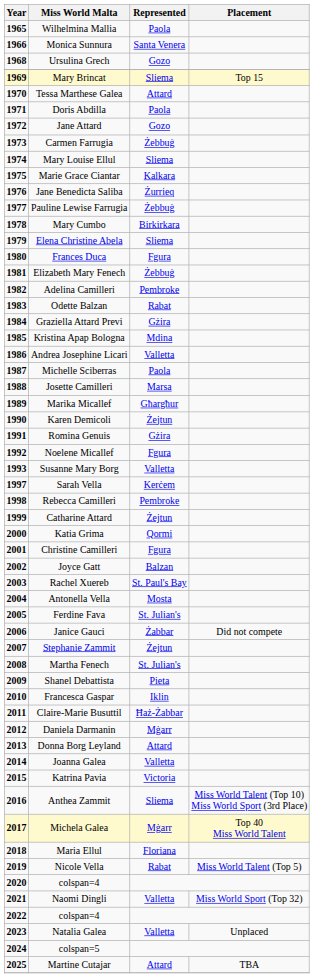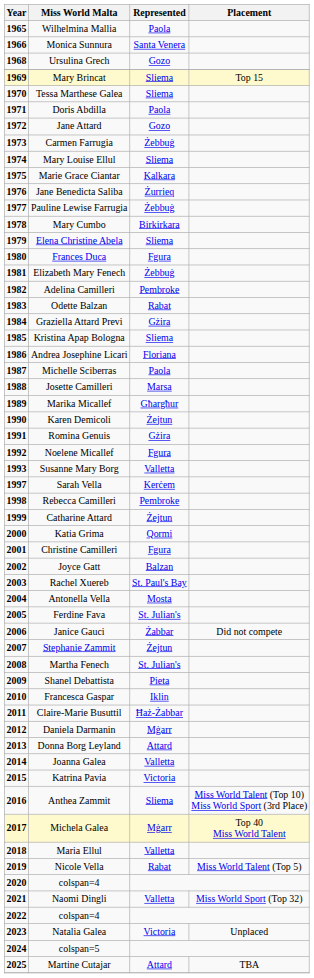 <table class="wikitable sortable" style="font-size: 95%; text-align:center">
 <tr>
 <th>Year</th>
 <th>Miss World Malta</th>
 <th>Represented</th>
 <th>Placement</th>
 </tr>
 <tr>
 <td><strong>1965</strong></td>
 <td>Wilhelmina Mallia</td>
 <td><a href='#'>Paola</a></td>
 <td></td>
 </tr>
 <tr>
 <td><strong>1966</strong></td>
 <td>Monica Sunnura</td>
 <td><a href='#'>Santa Venera</a></td>
 <td></td>
 </tr>
 <tr>
 <td><strong>1968</strong></td>
 <td>Ursulina Grech</td>
 <td><a href='#'>Gozo</a></td>
 <td></td>
 </tr>
 <tr>
 </tr>
 <tr style="background-color:#FFFACD;">
 <td><strong>1969</strong></td>
 <td>Mary Brincat</td>
 <td><a href='#'>Sliema</a></td>
 <td>Top 15</td>
 </tr>
 <tr>
 <td><strong>1970</strong></td>
 <td>Tessa Marthese Galea</td>
-<td><a href='#'>Attard</a></td>
+<td><a href='#'>Sliema</a></td>
 <td></td>
 </tr>
 <tr>
 <td><strong>1971</strong></td>
 <td>Doris Abdilla</td>
 <td><a href='#'>Paola</a></td>
 <td></td>
 </tr>
 <tr>
 <td><strong>1972</strong></td>
 <td>Jane Attard</td>
 <td><a href='#'>Gozo</a></td>
 <td></td>
 </tr>
 <tr>
 <td><strong>1973</strong></td>
 <td>Carmen Farrugia</td>
 <td><a href='#'>Żebbuġ</a></td>
 <td></td>
 </tr>
 <tr>
 <td><strong>1974</strong></td>
 <td>Mary Louise Ellul</td>
 <td><a href='#'>Sliema</a></td>
 <td></td>
 </tr>
 <tr>
 <td><strong>1975</strong></td>
 <td>Marie Grace Ciantar</td>
 <td><a href='#'>Kalkara</a></td>
 <td></td>
 </tr>
 <tr>
 <td><strong>1976</strong></td>
 <td>Jane Benedicta Saliba</td>
 <td><a href='#'>Żurrieq</a></td>
 <td></td>
 </tr>
 <tr>
 <td><strong>1977</strong></td>
 <td>Pauline Lewise Farrugia</td>
 <td><a href='#'>Żebbuġ</a></td>
 <td></td>
 </tr>
 <tr>
 <td><strong>1978</strong></td>
 <td>Mary Cumbo</td>
 <td><a href='#'>Birkirkara</a></td>
 <td></td>
 </tr>
 <tr>
 <td><strong>1979</strong></td>
 <td><a href='#'>Elena Christine Abela</a></td>
 <td><a href='#'>Sliema</a></td>
 <td></td>
 </tr>
 <tr>
 <td><strong>1980</strong></td>
 <td><a href='#'>Frances Duca</a></td>
 <td><a href='#'>Fgura</a></td>
 <td></td>
 </tr>
 <tr>
 <td><strong>1981</strong></td>
 <td>Elizabeth Mary Fenech</td>
 <td><a href='#'>Żebbuġ</a></td>
 <td></td>
 </tr>
 <tr>
 <td><strong>1982</strong></td>
 <td>Adelina Camilleri</td>
 <td><a href='#'>Pembroke</a></td>
 <td></td>
 </tr>
 <tr>
 <td><strong>1983</strong></td>
 <td>Odette Balzan</td>
 <td><a href='#'>Rabat</a></td>
 <td></td>
 </tr>
 <tr>
 <td><strong>1984</strong></td>
 <td>Graziella Attard Previ</td>
 <td><a href='#'>Gżira</a></td>
 <td></td>
 </tr>
 <tr>
 <td><strong>1985</strong></td>
 <td>Kristina Apap Bologna</td>
-<td><a href='#'>Mdina</a></td>
+<td><a href='#'>Sliema</a></td>
 <td></td>
 </tr>
 <tr>
 <td><strong>1986</strong></td>
 <td>Andrea Josephine Licari</td>
-<td><a href='#'>Valletta</a></td>
+<td><a href='#'>Floriana</a></td>
 <td></td>
 </tr>
 <tr>
 <td><strong>1987</strong></td>
 <td>Michelle Sciberras</td>
 <td><a href='#'>Paola</a></td>
 <td></td>
 </tr>
 <tr>
 <td><strong>1988</strong></td>
 <td>Josette Camilleri</td>
 <td><a href='#'>Marsa</a></td>
 <td></td>
 </tr>
 <tr>
 <td><strong>1989</strong></td>
 <td>Marika Micallef</td>
 <td><a href='#'>Għargħur</a></td>
 <td></td>
 </tr>
 <tr>
 <td><strong>1990</strong></td>
 <td>Karen Demicoli</td>
 <td><a href='#'>Żejtun</a></td>
 <td></td>
 </tr>
 <tr>
 <td><strong>1991</strong></td>
 <td>Romina Genuis</td>
 <td><a href='#'>Gżira</a></td>
 <td></td>
 </tr>
 <tr>
 <td><strong>1992</strong></td>
 <td>Noelene Micallef</td>
 <td><a href='#'>Fgura</a></td>
 <td></td>
 </tr>
 <tr>
 <td><strong>1993</strong></td>
 <td>Susanne Mary Borg</td>
 <td><a href='#'>Valletta</a></td>
 <td></td>
 </tr>
 <tr>
 <td><strong>1997</strong></td>
 <td>Sarah Vella</td>
 <td><a href='#'>Kerċem</a></td>
 <td></td>
 </tr>
 <tr>
 <td><strong>1998</strong></td>
 <td>Rebecca Camilleri</td>
 <td><a href='#'>Pembroke</a></td>
 <td></td>
 </tr>
 <tr>
 <td><strong>1999</strong></td>
 <td>Catharine Attard</td>
 <td><a href='#'>Żejtun</a></td>
 <td></td>
 </tr>
 <tr>
 <td><strong>2000</strong></td>
 <td>Katia Grima</td>
 <td><a href='#'>Qormi</a></td>
 <td></td>
 </tr>
 <tr>
 <td><strong>2001</strong></td>
 <td>Christine Camilleri</td>
 <td><a href='#'>Fgura</a></td>
 <td></td>
 </tr>
 <tr>
 <td><strong>2002</strong></td>
 <td>Joyce Gatt</td>
 <td><a href='#'>Balzan</a></td>
 <td></td>
 </tr>
 <tr>
 <td><strong>2003</strong></td>
 <td>Rachel Xuereb</td>
 <td><a href='#'>St. Paul's Bay</a></td>
 <td></td>
 </tr>
 <tr>
 <td><strong>2004</strong></td>
 <td>Antonella Vella</td>
 <td><a href='#'>Mosta</a></td>
 <td></td>
 </tr>
 <tr>
 <td><strong>2005</strong></td>
 <td>Ferdine Fava</td>
 <td><a href='#'>St. Julian's</a></td>
 <td></td>
 </tr>
 <tr>
 <td><strong>2006</strong></td>
 <td>Janice Gauci</td>
 <td><a href='#'>Żabbar</a></td>
 <td>Did not compete</td>
 </tr>
 <tr>
 <td><strong>2007</strong></td>
 <td><a href='#'>Stephanie Zammit</a></td>
 <td><a href='#'>Żejtun</a></td>
 <td></td>
 </tr>
 <tr>
 <td><strong>2008</strong></td>
 <td>Martha Fenech</td>
 <td><a href='#'>St. Julian's</a></td>
 <td></td>
 </tr>
 <tr>
 <td><strong>2009</strong></td>
 <td>Shanel Debattista</td>
 <td><a href='#'>Pieta</a></td>
 <td></td>
 </tr>
 <tr>
 <td><strong>2010</strong></td>
 <td>Francesca Gaspar</td>
 <td><a href='#'>Iklin</a></td>
 <td></td>
 </tr>
 <tr>
 <td><strong>2011</strong></td>
 <td>Claire-Marie Busuttil</td>
 <td><a href='#'>Ħaż-Żabbar</a></td>
 <td></td>
 </tr>
 <tr>
 <td><strong>2012</strong></td>
 <td>Daniela Darmanin</td>
 <td><a href='#'>Mġarr</a></td>
 <td></td>
 </tr>
 <tr>
 <td><strong>2013</strong></td>
 <td>Donna Borg Leyland</td>
 <td><a href='#'>Attard</a></td>
 <td></td>
 </tr>
 <tr>
 <td><strong>2014</strong></td>
 <td>Joanna Galea</td>
 <td><a href='#'>Valletta</a></td>
 <td></td>
 </tr>
 <tr>
 <td><strong>2015</strong></td>
 <td>Katrina Pavia</td>
 <td><a href='#'>Victoria</a></td>
 <td></td>
 </tr>
 <tr>
 <td><strong>2016</strong></td>
 <td>Anthea Zammit</td>
 <td><a href='#'>Sliema</a></td>
 <td><a href='#'>Miss World Talent</a> (Top 10)<br> <a href='#'>Miss World Sport</a> (3rd Place)</td>
 </tr>
 <tr style="background-color:#FFFACD;">
 <td><strong>2017</strong></td>
 <td>Michela Galea</td>
 <td><a href='#'>Mġarr</a></td>
 <td>Top 40 <br><a href='#'>Miss World Talent</a></td>
 </tr>
 <tr>
 <td><strong>2018</strong></td>
 <td>Maria Ellul</td>
-<td><a href='#'>Floriana</a></td>
+<td><a href='#'>Valletta</a></td>
 <td></td>
 </tr>
 <tr>
 <td><strong>2019</strong></td>
 <td>Nicole Vella</td>
 <td><a href='#'>Rabat</a></td>
 <td><a href='#'>Miss World Talent</a> (Top 5)</td>
 </tr>
 <tr>
 <td><strong>2020</strong></td>
 <td>colspan=4 </td>
 </tr>
 <tr>
 <td><strong>2021</strong></td>
 <td>Naomi Dingli</td>
 <td><a href='#'>Valletta</a></td>
 <td><a href='#'>Miss World Sport</a> (Top 32)</td>
 </tr>
 <tr>
 <td><strong>2022</strong></td>
 <td>colspan=4 </td>
 </tr>
 <tr>
 <td><strong>2023</strong></td>
 <td>Natalia Galea</td>
-<td><a href='#'>Valletta</a></td>
+<td><a href='#'>Victoria</a></td>
 <td>Unplaced</td>
 </tr>
 <tr>
 <td><strong>2024</strong></td>
 <td>colspan=5 </td>
 </tr>
 <tr>
 <td><strong>2025</strong></td>
 <td>Martine Cutajar</td>
 <td><a href='#'>Attard</a></td>
 <td>TBA</td>
 </tr>
 <tr>
 </tr>
 </table>
